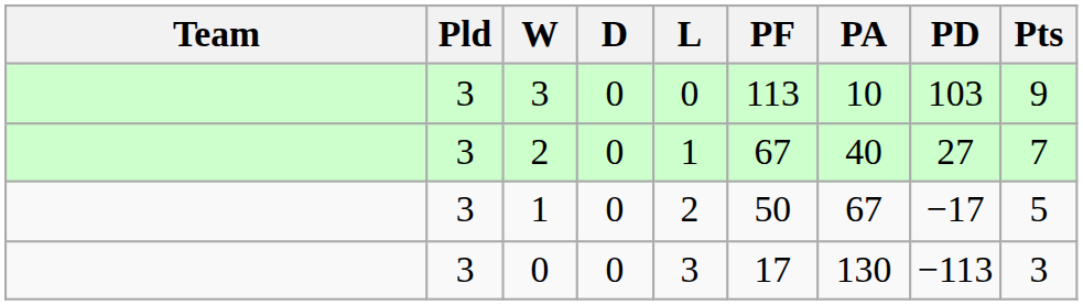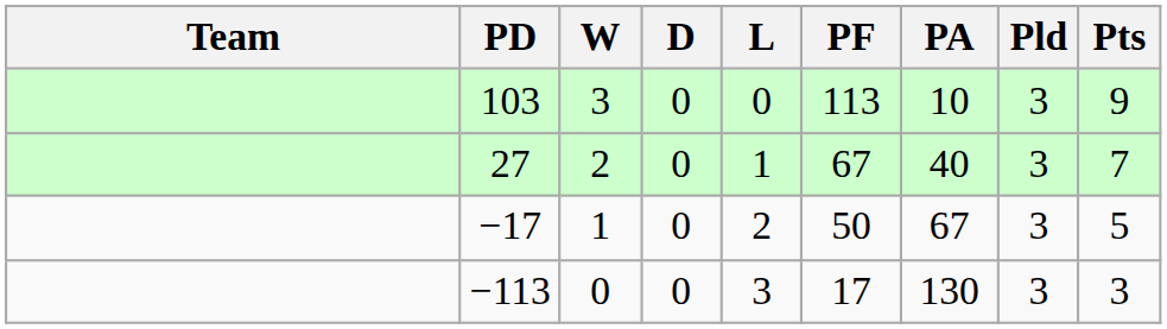 <table class="wikitable" style="text-align:center;">
 <tr>
 <th width=175>Team</th>
-<th width=25 abbr="Played">Pld</th>
+<th width=32 abbr="Points difference">PD</th>
 <th width=25 abbr="Won">W</th>
 <th width=25 abbr="Drawn">D</th>
 <th width=25 abbr="Lost">L</th>
 <th width=32 abbr="Points for">PF</th>
 <th width=32 abbr="Points against">PA</th>
-<th width=32 abbr="Points difference">PD</th>
+<th width=25 abbr="Played">Pld</th>
 <th width=25 abbr="Points">Pts</th>
 </tr>
 <tr bgcolor="#ccffcc">
 <td align=left></td>
-<td>3</td>
+<td>103</td>
 <td>3</td>
 <td>0</td>
 <td>0</td>
 <td>113</td>
 <td>10</td>
-<td>103</td>
+<td>3</td>
 <td>9</td>
 </tr>
 <tr bgcolor="#ccffcc">
 <td align=left></td>
-<td>3</td>
+<td>27</td>
 <td>2</td>
 <td>0</td>
 <td>1</td>
 <td>67</td>
 <td>40</td>
-<td>27</td>
+<td>3</td>
 <td>7</td>
 </tr>
 <tr>
 <td align=left></td>
-<td>3</td>
+<td>−17</td>
 <td>1</td>
 <td>0</td>
 <td>2</td>
 <td>50</td>
 <td>67</td>
-<td>−17</td>
+<td>3</td>
 <td>5</td>
 </tr>
 <tr>
 <td align=left></td>
-<td>3</td>
+<td>−113</td>
 <td>0</td>
 <td>0</td>
 <td>3</td>
 <td>17</td>
 <td>130</td>
-<td>−113</td>
+<td>3</td>
 <td>3</td>
 </tr>
 </table>
